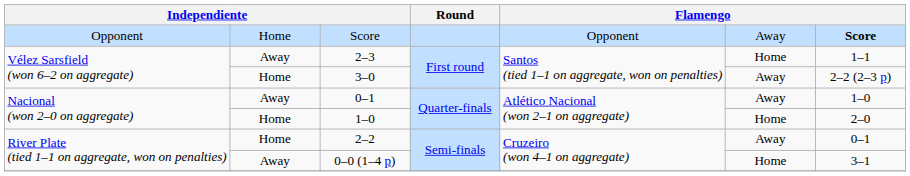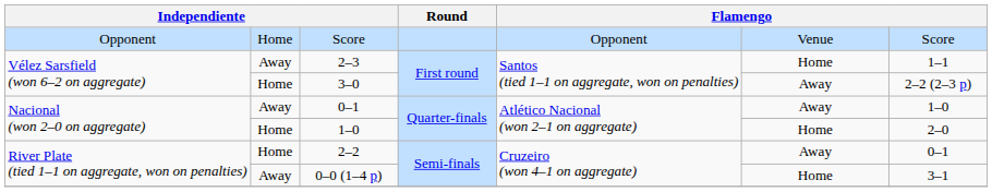 <table class="wikitable" style="text-align: center;">
 <tr>
 <th colspan=3> <a href='#'>Independiente</a></th>
 <th>Round</th>
 <th colspan=3> <a href='#'>Flamengo</a></th>
 </tr>
 <tr bgcolor=#c1e0ff>
 <td width=25%>Opponent</td>
 <td>Home</td>
 <td width=10%>Score</td>
 <td width=10%></td>
 <td width=25%>Opponent</td>
-<td>Away</td>
-<td width=10%><strong>Score</strong></td>
+<td width=15%>Venue</td>
+<td width=10%>Score</td>
 </tr>
 <tr>
 <td rowspan=2 align=left> <a href='#'>Vélez Sarsfield</a><br><em>(won 6–2 on aggregate)</em></td>
 <td>Away</td>
 <td>2–3</td>
 <td rowspan=2 bgcolor=#c1e0ff><a href='#'>First round</a></td>
 <td rowspan=2 align=left> <a href='#'>Santos</a><br><em>(tied 1–1 on aggregate, won on penalties)</em></td>
 <td>Home</td>
 <td>1–1</td>
 </tr>
 <tr>
 <td>Home</td>
 <td>3–0</td>
 <td>Away</td>
 <td>2–2 (2–3 <a href='#'>p</a>)</td>
 </tr>
 <tr>
 <td rowspan=2 align=left> <a href='#'>Nacional</a><br><em>(won 2–0 on aggregate)</em></td>
 <td>Away</td>
 <td>0–1</td>
 <td rowspan=2 bgcolor=#c1e0ff><a href='#'>Quarter-finals</a></td>
 <td rowspan=2 align=left> <a href='#'>Atlético Nacional</a><br><em>(won 2–1 on aggregate)</em></td>
 <td>Away</td>
 <td>1–0</td>
 </tr>
 <tr>
 <td>Home</td>
 <td>1–0</td>
 <td>Home</td>
 <td>2–0</td>
 </tr>
 <tr>
 <td rowspan=2 align=left> <a href='#'>River Plate</a><br><em>(tied 1–1 on aggregate, won on penalties)</em></td>
 <td>Home</td>
 <td>2–2</td>
 <td rowspan=2 bgcolor=#c1e0ff><a href='#'>Semi-finals</a></td>
 <td rowspan=2 align=left> <a href='#'>Cruzeiro</a><br><em>(won 4–1 on aggregate)</em></td>
 <td>Away</td>
 <td>0–1</td>
 </tr>
 <tr>
 <td>Away</td>
 <td>0–0 (1–4 <a href='#'>p</a>)</td>
 <td>Home</td>
 <td>3–1</td>
 </tr>
 <tr>
 </tr>
 </table>
